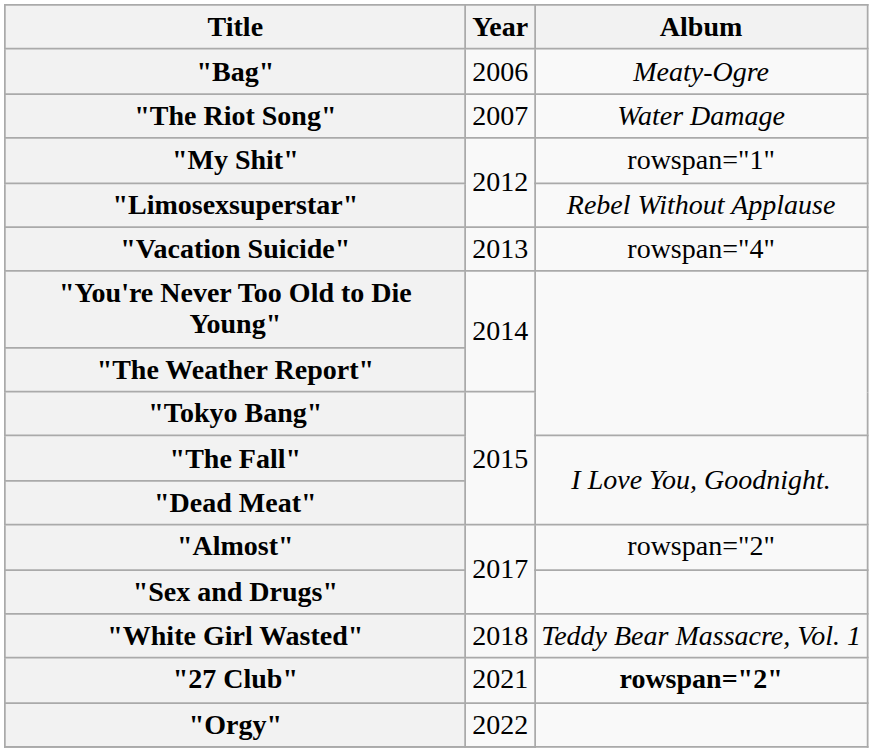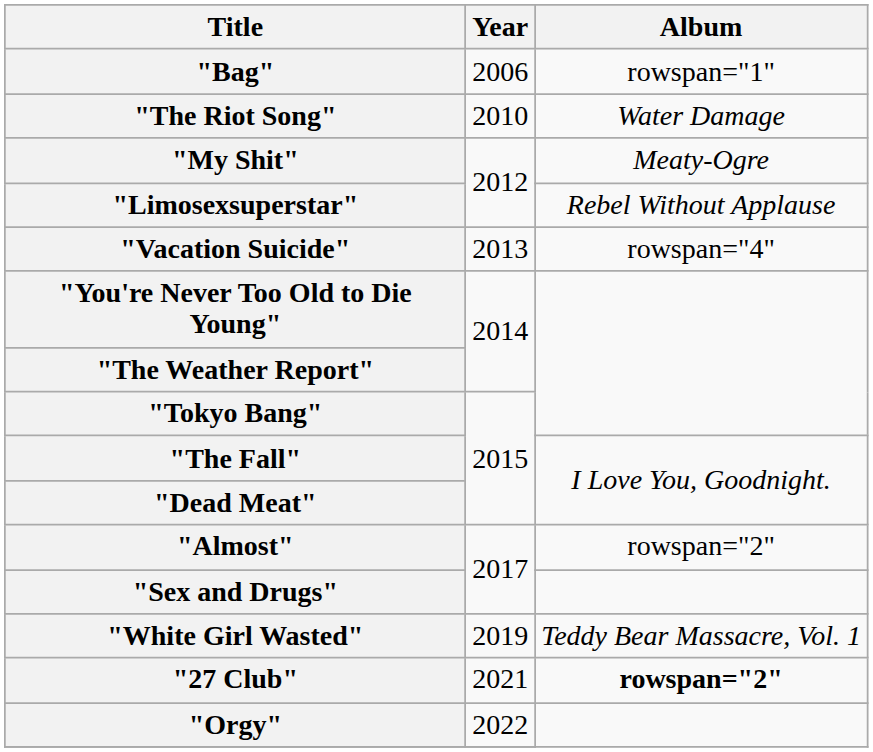 <table class="wikitable plainrowheaders" style="text-align:center;">
 <tr>
 <th scope="col" style="width:16em;">Title</th>
 <th scope="col">Year</th>
 <th scope="col">Album</th>
 </tr>
 <tr>
 <th scope="row">"Bag"</th>
 <td rowspan="1">2006</td>
-<td rowspan="1"><em>Meaty-Ogre</em></td>
+<td>rowspan="1" </td>
 </tr>
 <tr>
 <th scope="row">"The Riot Song"</th>
-<td rowspan="1">2007</td>
+<td rowspan="1">2010</td>
 <td rowspan="1"><em>Water Damage</em></td>
 </tr>
 <tr>
 <th scope="row">"My Shit"</th>
 <td rowspan="2">2012</td>
-<td>rowspan="1" </td>
+<td rowspan="1"><em>Meaty-Ogre</em></td>
 </tr>
 <tr>
 <th scope="row">"Limosexsuperstar"</th>
 <td rowspan="1"><em>Rebel Without Applause</em></td>
 </tr>
 <tr>
 <th scope="row">"Vacation Suicide"</th>
 <td rowspan="1">2013</td>
 <td>rowspan="4" </td>
 </tr>
 <tr>
 <th scope="row">"You're Never Too Old to Die Young"</th>
 <td rowspan="2">2014</td>
 </tr>
 <tr>
 <th scope="row">"The Weather Report"</th>
 </tr>
 <tr>
 <th scope="row">"Tokyo Bang"</th>
 <td rowspan="3">2015</td>
 </tr>
 <tr>
 <th scope="row">"The Fall"</th>
 <td rowspan="2"><em>I Love You, Goodnight.</em></td>
 </tr>
 <tr>
 <th scope="row">"Dead Meat"</th>
 </tr>
 <tr>
 <th scope="row">"Almost"</th>
 <td rowspan="2">2017</td>
 <td>rowspan="2" </td>
 </tr>
 <tr>
 <th scope="row">"Sex and Drugs"</th>
 </tr>
 <tr>
 <th scope="row">"White Girl Wasted"</th>
-<td rowspan="1">2018</td>
+<td rowspan="1">2019</td>
 <td rowspan="1"><em>Teddy Bear Massacre, Vol. 1</em></td>
 </tr>
 <tr>
 <th scope="row">"27 Club"</th>
 <td rowspan="1">2021</td>
 <td><strong>rowspan="2" </strong></td>
 </tr>
 <tr>
 <th scope="row">"Orgy"</th>
 <td rowspan="1">2022</td>
 </tr>
 <tr>
 </tr>
 </table>
